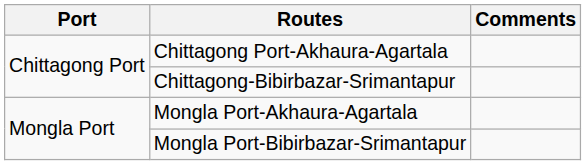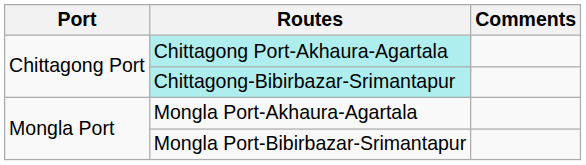 <table class="wikitable">
 <tr>
 <th>Port</th>
 <th>Routes</th>
 <th>Comments</th>
 </tr>
 <tr>
 <td rowspan="2">Chittagong Port</td>
-<td>Chittagong Port-Akhaura-Agartala</td>
+<td style="background: paleturquoise;">Chittagong Port-Akhaura-Agartala</td>
 <td></td>
 </tr>
 <tr>
-<td>Chittagong-Bibirbazar-Srimantapur</td>
+<td style="background: paleturquoise;">Chittagong-Bibirbazar-Srimantapur</td>
 <td></td>
 </tr>
 <tr>
 <td rowspan="2">Mongla Port</td>
 <td>Mongla Port-Akhaura-Agartala</td>
 <td></td>
 </tr>
 <tr>
 <td>Mongla Port-Bibirbazar-Srimantapur</td>
 <td></td>
 </tr>
 </table>
